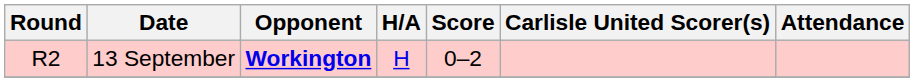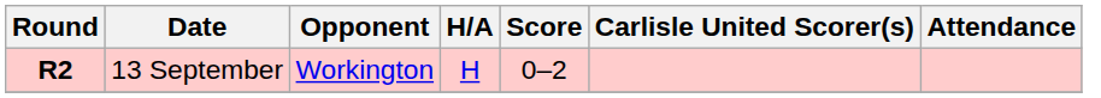 <table class="wikitable" style="text-align:center">
 <tr>
 <th>Round</th>
 <th>Date</th>
 <th>Opponent</th>
 <th>H/A</th>
 <th>Score</th>
 <th>Carlisle United Scorer(s)</th>
 <th>Attendance</th>
 </tr>
 <tr bgcolor=#FFCCCC>
-<td>R2</td>
+<td><strong>R2</strong></td>
 <td align=left>13 September</td>
-<td align=left><strong><a href='#'>Workington</a></strong></td>
+<td align=left><a href='#'>Workington</a></td>
 <td><a href='#'>H</a></td>
 <td>0–2</td>
 <td align=left></td>
 <td></td>
 </tr>
 <tr>
 </tr>
 </table>
